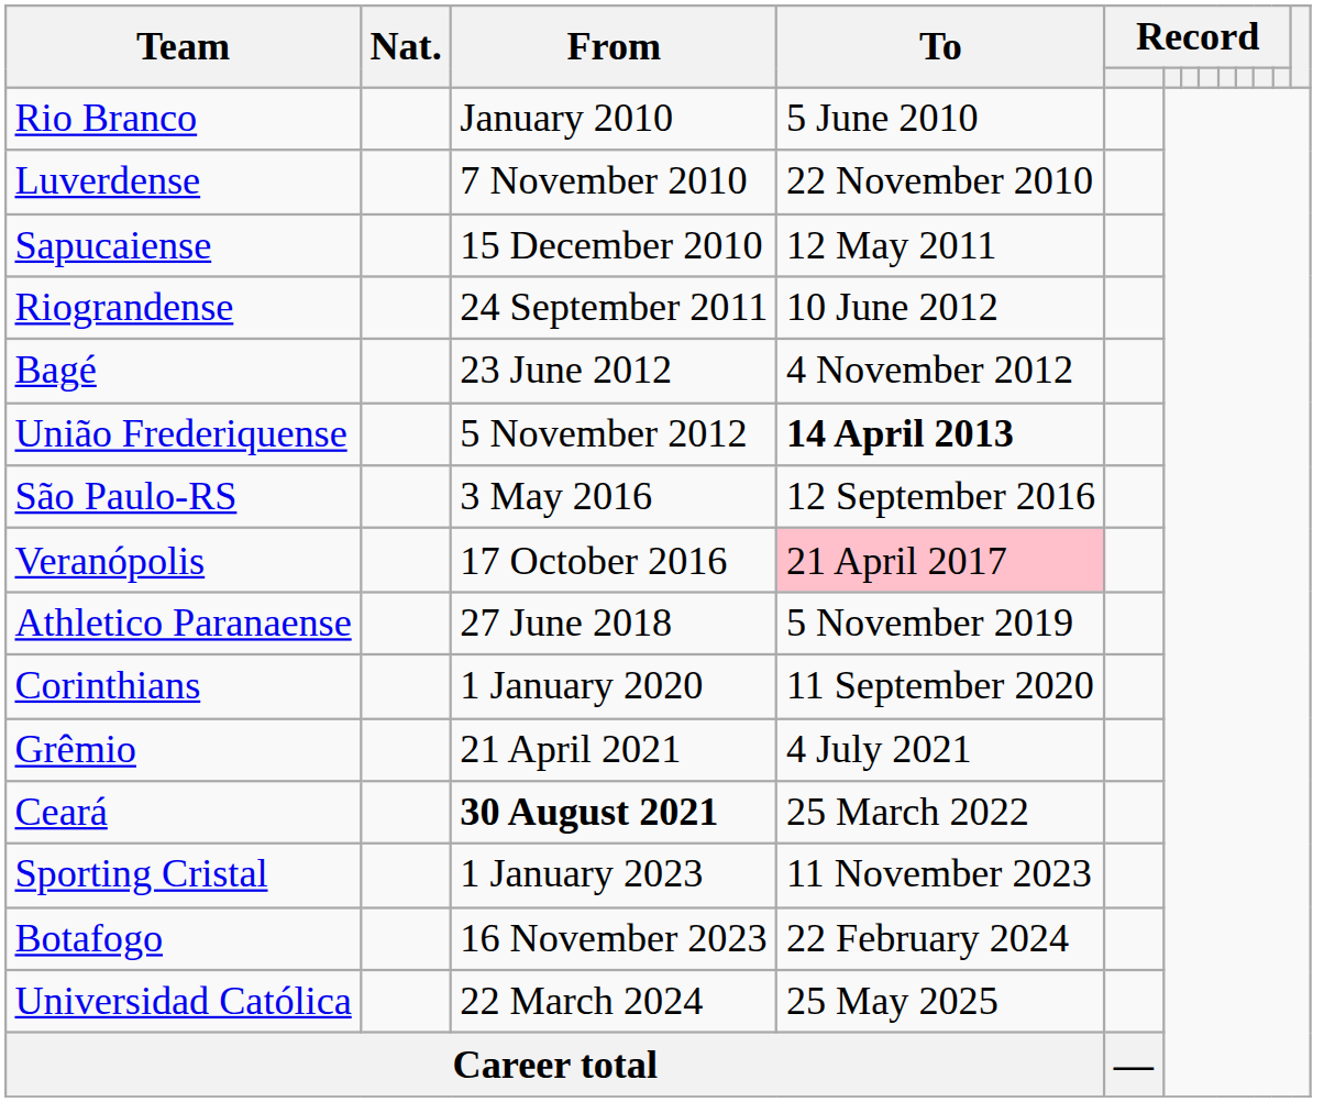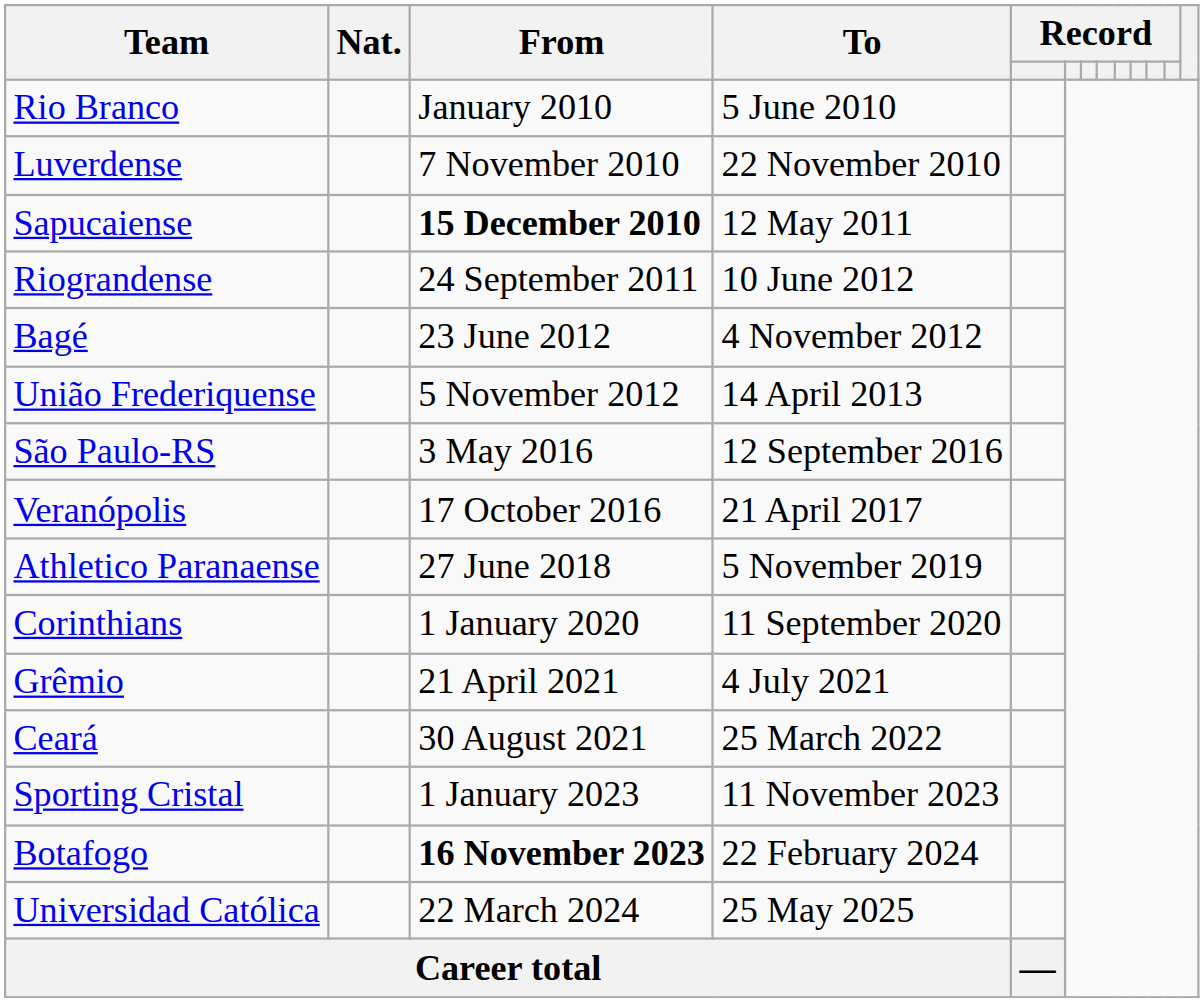 <table class="wikitable" style="text-align: center">
 <tr>
 <th rowspan="2">Team</th>
 <th rowspan="2">Nat.</th>
 <th rowspan="2">From</th>
 <th rowspan="2">To</th>
 <th colspan="8">Record</th>
 <th rowspan=2></th>
 </tr>
 <tr>
 <th></th>
 <th></th>
 <th></th>
 <th></th>
 <th></th>
 <th></th>
 <th></th>
 <th></th>
 </tr>
 <tr>
 <td align="left"><a href='#'>Rio Branco</a></td>
 <td></td>
 <td align=left>January 2010</td>
 <td align=left>5 June 2010<br></td>
 <td></td>
 </tr>
 <tr>
 <td align="left"><a href='#'>Luverdense</a></td>
 <td></td>
 <td align=left>7 November 2010</td>
 <td align=left>22 November 2010<br></td>
 <td></td>
 </tr>
 <tr>
 <td align="left"><a href='#'>Sapucaiense</a></td>
 <td></td>
-<td align=left>15 December 2010</td>
+<td align=left><strong>15 December 2010</strong></td>
 <td align=left>12 May 2011<br></td>
 <td></td>
 </tr>
 <tr>
 <td align="left"><a href='#'>Riograndense</a></td>
 <td></td>
 <td align=left>24 September 2011</td>
 <td align=left>10 June 2012<br></td>
 <td></td>
 </tr>
 <tr>
 <td align="left"><a href='#'>Bagé</a></td>
 <td></td>
 <td align=left>23 June 2012</td>
 <td align=left>4 November 2012<br></td>
 <td></td>
 </tr>
 <tr>
 <td align="left"><a href='#'>União Frederiquense</a></td>
 <td></td>
 <td align=left>5 November 2012</td>
-<td align=left><strong>14 April 2013<br></strong></td>
+<td align=left>14 April 2013<br></td>
 <td></td>
 </tr>
 <tr>
 <td align="left"><a href='#'>São Paulo-RS</a></td>
 <td></td>
 <td align=left>3 May 2016</td>
 <td align=left>12 September 2016<br></td>
 <td></td>
 </tr>
 <tr>
 <td align="left"><a href='#'>Veranópolis</a></td>
 <td></td>
 <td align=left>17 October 2016</td>
-<td align=left style="background: pink;">21 April 2017<br></td>
+<td align=left>21 April 2017<br></td>
 <td></td>
 </tr>
 <tr>
 <td align="left"><a href='#'>Athletico Paranaense</a></td>
 <td></td>
 <td align=left>27 June 2018</td>
 <td align=left>5 November 2019<br></td>
 <td></td>
 </tr>
 <tr>
 <td align="left"><a href='#'>Corinthians</a></td>
 <td></td>
 <td align=left>1 January 2020</td>
 <td align=left>11 September 2020<br></td>
 <td></td>
 </tr>
 <tr>
 <td align="left"><a href='#'>Grêmio</a></td>
 <td></td>
 <td align=left>21 April 2021</td>
 <td align=left>4 July 2021<br></td>
 <td></td>
 </tr>
 <tr>
 <td align="left"><a href='#'>Ceará</a></td>
 <td></td>
-<td align=left><strong>30 August 2021</strong></td>
+<td align=left>30 August 2021</td>
 <td align=left>25 March 2022<br></td>
 <td></td>
 </tr>
 <tr>
 <td align="left"><a href='#'>Sporting Cristal</a></td>
 <td></td>
 <td align=left>1 January 2023</td>
 <td align=left>11 November 2023<br></td>
 <td></td>
 </tr>
 <tr>
 <td align="left"><a href='#'>Botafogo</a></td>
 <td></td>
-<td align=left>16 November 2023</td>
+<td align=left><strong>16 November 2023</strong></td>
 <td align=left>22 February 2024<br></td>
 <td></td>
 </tr>
 <tr>
 <td align="left"><a href='#'>Universidad Católica</a></td>
 <td></td>
 <td align=left>22 March 2024</td>
 <td align=left>25 May 2025<br></td>
 <td></td>
 </tr>
 <tr>
 <th colspan=4><strong>Career total</strong><br></th>
 <th>—</th>
 </tr>
 </table>
